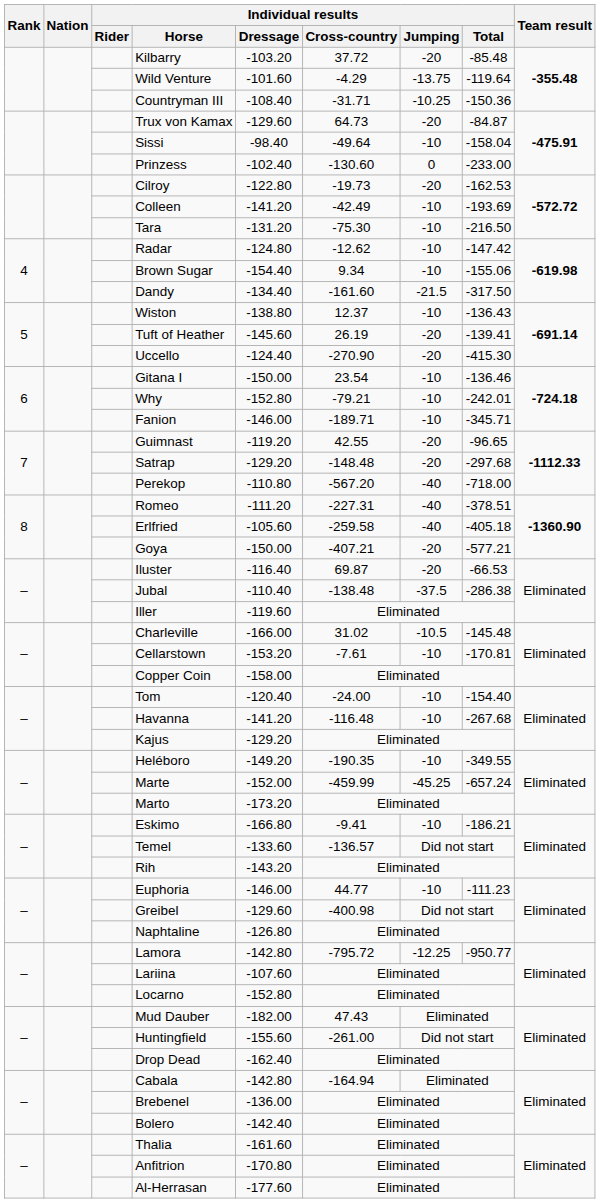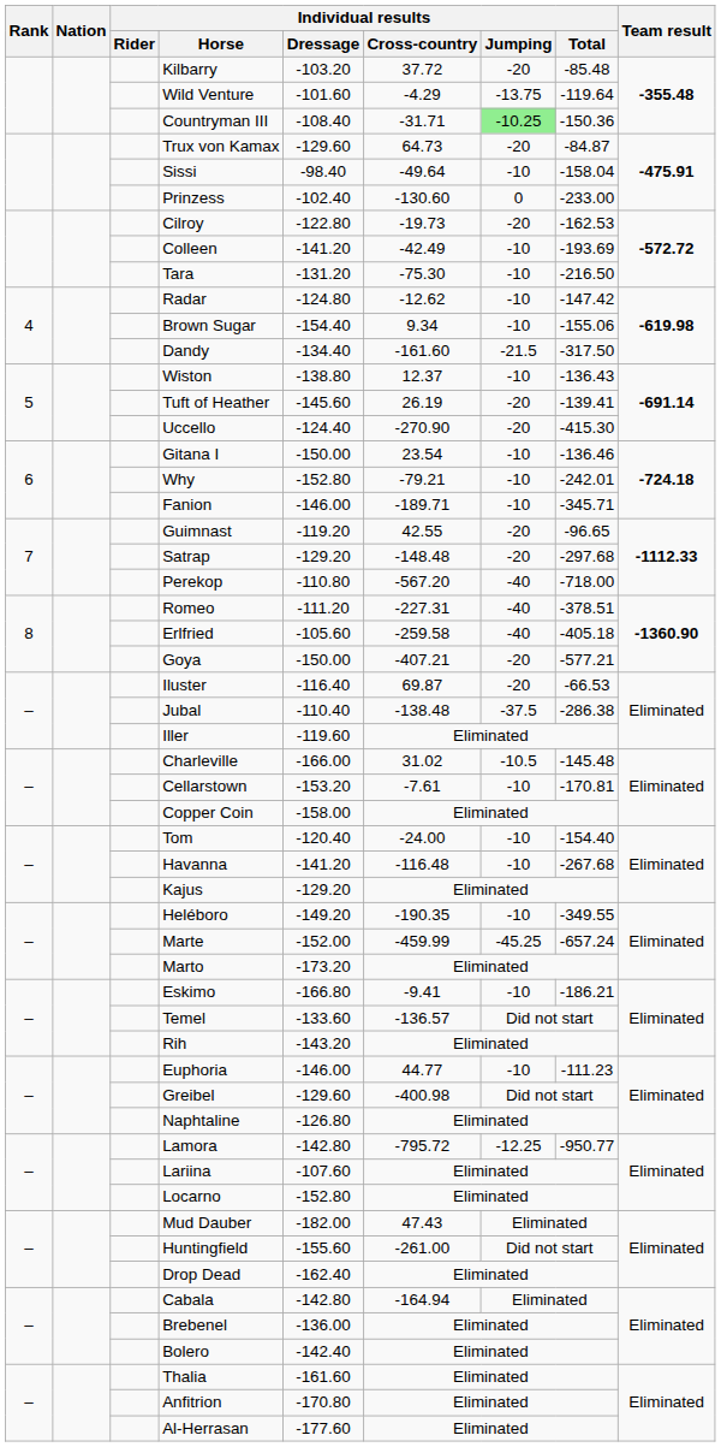 <table class="wikitable sortable" style="text-align:center">
 <tr>
 <th rowspan=2>Rank</th>
 <th rowspan=2>Nation</th>
 <th colspan=6>Individual results</th>
 <th rowspan=2>Team result</th>
 </tr>
 <tr>
 <th>Rider</th>
 <th>Horse</th>
 <th>Dressage</th>
 <th>Cross-country</th>
 <th>Jumping</th>
 <th>Total</th>
 </tr>
 <tr>
 <td rowspan=3></td>
 <td rowspan=3 align=left></td>
 <td align=left></td>
 <td align=left>Kilbarry</td>
 <td>-103.20</td>
 <td>37.72</td>
 <td>-20</td>
 <td>-85.48</td>
 <td rowspan=3><strong>-355.48</strong></td>
 </tr>
 <tr>
 <td align=left></td>
 <td align=left>Wild Venture</td>
 <td>-101.60</td>
 <td>-4.29</td>
 <td>-13.75</td>
 <td>-119.64</td>
 </tr>
 <tr>
 <td align=left></td>
 <td align=left>Countryman III</td>
 <td>-108.40</td>
 <td>-31.71</td>
-<td>-10.25</td>
+<td style="background: lightgreen;">-10.25</td>
 <td>-150.36</td>
 </tr>
 <tr>
 <td rowspan=3></td>
 <td rowspan=3 align=left></td>
 <td align=left></td>
 <td align=left>Trux von Kamax</td>
 <td>-129.60</td>
 <td>64.73</td>
 <td>-20</td>
 <td>-84.87</td>
 <td rowspan=3><strong>-475.91</strong></td>
 </tr>
 <tr>
 <td align=left></td>
 <td align=left>Sissi</td>
 <td>-98.40</td>
 <td>-49.64</td>
 <td>-10</td>
 <td>-158.04</td>
 </tr>
 <tr>
 <td align=left></td>
 <td align=left>Prinzess</td>
 <td>-102.40</td>
 <td>-130.60</td>
 <td>0</td>
 <td>-233.00</td>
 </tr>
 <tr>
 <td rowspan=3></td>
 <td rowspan=3 align=left></td>
 <td align=left></td>
 <td align=left>Cilroy</td>
 <td>-122.80</td>
 <td>-19.73</td>
 <td>-20</td>
 <td>-162.53</td>
 <td rowspan=3><strong>-572.72</strong></td>
 </tr>
 <tr>
 <td align=left></td>
 <td align=left>Colleen</td>
 <td>-141.20</td>
 <td>-42.49</td>
 <td>-10</td>
 <td>-193.69</td>
 </tr>
 <tr>
 <td align=left></td>
 <td align=left>Tara</td>
 <td>-131.20</td>
 <td>-75.30</td>
 <td>-10</td>
 <td>-216.50</td>
 </tr>
 <tr>
 <td rowspan=3>4</td>
 <td rowspan=3 align=left></td>
 <td align=left></td>
 <td align=left>Radar</td>
 <td>-124.80</td>
 <td>-12.62</td>
 <td>-10</td>
 <td>-147.42</td>
 <td rowspan=3><strong>-619.98</strong></td>
 </tr>
 <tr>
 <td align=left></td>
 <td align=left>Brown Sugar</td>
 <td>-154.40</td>
 <td>9.34</td>
 <td>-10</td>
 <td>-155.06</td>
 </tr>
 <tr>
 <td align=left></td>
 <td align=left>Dandy</td>
 <td>-134.40</td>
 <td>-161.60</td>
 <td>-21.5</td>
 <td>-317.50</td>
 </tr>
 <tr>
 <td rowspan=3>5</td>
 <td rowspan=3 align=left></td>
 <td align=left></td>
 <td align=left>Wiston</td>
 <td>-138.80</td>
 <td>12.37</td>
 <td>-10</td>
 <td>-136.43</td>
 <td rowspan=3><strong>-691.14</strong></td>
 </tr>
 <tr>
 <td align=left></td>
 <td align=left>Tuft of Heather</td>
 <td>-145.60</td>
 <td>26.19</td>
 <td>-20</td>
 <td>-139.41</td>
 </tr>
 <tr>
 <td align=left></td>
 <td align=left>Uccello</td>
 <td>-124.40</td>
 <td>-270.90</td>
 <td>-20</td>
 <td>-415.30</td>
 </tr>
 <tr>
 <td rowspan=3>6</td>
 <td rowspan=3 align=left></td>
 <td align=left></td>
 <td align=left>Gitana I</td>
 <td>-150.00</td>
 <td>23.54</td>
 <td>-10</td>
 <td>-136.46</td>
 <td rowspan=3><strong>-724.18</strong></td>
 </tr>
 <tr>
 <td align=left></td>
 <td align=left>Why</td>
 <td>-152.80</td>
 <td>-79.21</td>
 <td>-10</td>
 <td>-242.01</td>
 </tr>
 <tr>
 <td align=left></td>
 <td align=left>Fanion</td>
 <td>-146.00</td>
 <td>-189.71</td>
 <td>-10</td>
 <td>-345.71</td>
 </tr>
 <tr>
 <td rowspan=3>7</td>
 <td rowspan=3 align=left></td>
 <td align=left></td>
 <td align=left>Guimnast</td>
 <td>-119.20</td>
 <td>42.55</td>
 <td>-20</td>
 <td>-96.65</td>
 <td rowspan=3><strong>-1112.33</strong></td>
 </tr>
 <tr>
 <td align=left></td>
 <td align=left>Satrap</td>
 <td>-129.20</td>
 <td>-148.48</td>
 <td>-20</td>
 <td>-297.68</td>
 </tr>
 <tr>
 <td align=left></td>
 <td align=left>Perekop</td>
 <td>-110.80</td>
 <td>-567.20</td>
 <td>-40</td>
 <td>-718.00</td>
 </tr>
 <tr>
 <td rowspan=3>8</td>
 <td rowspan=3 align=left></td>
 <td align=left></td>
 <td align=left>Romeo</td>
 <td>-111.20</td>
 <td>-227.31</td>
 <td>-40</td>
 <td>-378.51</td>
 <td rowspan=3><strong>-1360.90</strong></td>
 </tr>
 <tr>
 <td align=left></td>
 <td align=left>Erlfried</td>
 <td>-105.60</td>
 <td>-259.58</td>
 <td>-40</td>
 <td>-405.18</td>
 </tr>
 <tr>
 <td align=left></td>
 <td align=left>Goya</td>
 <td>-150.00</td>
 <td>-407.21</td>
 <td>-20</td>
 <td>-577.21</td>
 </tr>
 <tr>
 <td rowspan=3>–</td>
 <td rowspan=3 align=left></td>
 <td align=left></td>
 <td align=left>Iluster</td>
 <td>-116.40</td>
 <td>69.87</td>
 <td>-20</td>
 <td>-66.53</td>
 <td rowspan=3>Eliminated</td>
 </tr>
 <tr>
 <td align=left></td>
 <td align=left>Jubal</td>
 <td>-110.40</td>
 <td>-138.48</td>
 <td>-37.5</td>
 <td>-286.38</td>
 </tr>
 <tr>
 <td align=left></td>
 <td align=left>Iller</td>
 <td>-119.60</td>
 <td colspan=3>Eliminated</td>
 </tr>
 <tr>
 <td rowspan=3>–</td>
 <td rowspan=3 align=left></td>
 <td align=left></td>
 <td align=left>Charleville</td>
 <td>-166.00</td>
 <td>31.02</td>
 <td>-10.5</td>
 <td>-145.48</td>
 <td rowspan=3>Eliminated</td>
 </tr>
 <tr>
 <td align=left></td>
 <td align=left>Cellarstown</td>
 <td>-153.20</td>
 <td>-7.61</td>
 <td>-10</td>
 <td>-170.81</td>
 </tr>
 <tr>
 <td align=left></td>
 <td align=left>Copper Coin</td>
 <td>-158.00</td>
 <td colspan=3>Eliminated</td>
 </tr>
 <tr>
 <td rowspan=3>–</td>
 <td rowspan=3 align=left></td>
 <td align=left></td>
 <td align=left>Tom</td>
 <td>-120.40</td>
 <td>-24.00</td>
 <td>-10</td>
 <td>-154.40</td>
 <td rowspan=3>Eliminated</td>
 </tr>
 <tr>
 <td align=left></td>
 <td align=left>Havanna</td>
 <td>-141.20</td>
 <td>-116.48</td>
 <td>-10</td>
 <td>-267.68</td>
 </tr>
 <tr>
 <td align=left></td>
 <td align=left>Kajus</td>
 <td>-129.20</td>
 <td colspan=3>Eliminated</td>
 </tr>
 <tr>
 <td rowspan=3>–</td>
 <td rowspan=3 align=left></td>
 <td align=left></td>
 <td align=left>Heléboro</td>
 <td>-149.20</td>
 <td>-190.35</td>
 <td>-10</td>
 <td>-349.55</td>
 <td rowspan=3>Eliminated</td>
 </tr>
 <tr>
 <td align=left></td>
 <td align=left>Marte</td>
 <td>-152.00</td>
 <td>-459.99</td>
 <td>-45.25</td>
 <td>-657.24</td>
 </tr>
 <tr>
 <td align=left></td>
 <td align=left>Marto</td>
 <td>-173.20</td>
 <td colspan=3>Eliminated</td>
 </tr>
 <tr>
 <td rowspan=3>–</td>
 <td rowspan=3 align=left></td>
 <td align=left></td>
 <td align=left>Eskimo</td>
 <td>-166.80</td>
 <td>-9.41</td>
 <td>-10</td>
 <td>-186.21</td>
 <td rowspan=3>Eliminated</td>
 </tr>
 <tr 465.98)>
 <td align=left></td>
 <td align=left>Temel</td>
 <td>-133.60</td>
 <td>-136.57</td>
 <td colspan=2>Did not start</td>
 </tr>
 <tr>
 <td align=left></td>
 <td align=left>Rih</td>
 <td>-143.20</td>
 <td colspan=3>Eliminated</td>
 </tr>
 <tr>
 <td rowspan=3>–</td>
 <td rowspan=3 align=left></td>
 <td align=left></td>
 <td align=left>Euphoria</td>
 <td>-146.00</td>
 <td>44.77</td>
 <td>-10</td>
 <td>-111.23</td>
 <td rowspan=3>Eliminated</td>
 </tr>
 <tr>
 <td align=left></td>
 <td align=left>Greibel</td>
 <td>-129.60</td>
 <td>-400.98</td>
 <td colspan=2>Did not start</td>
 </tr>
 <tr>
 <td align=left></td>
 <td align=left>Naphtaline</td>
 <td>-126.80</td>
 <td colspan=3>Eliminated</td>
 </tr>
 <tr>
 <td rowspan=3>–</td>
 <td rowspan=3 align=left></td>
 <td align=left></td>
 <td align=left>Lamora</td>
 <td>-142.80</td>
 <td>-795.72</td>
 <td>-12.25</td>
 <td>-950.77</td>
 <td rowspan=3>Eliminated</td>
 </tr>
 <tr>
 <td align=left></td>
 <td align=left>Lariina</td>
 <td>-107.60</td>
 <td colspan=3>Eliminated</td>
 </tr>
 <tr>
 <td align=left></td>
 <td align=left>Locarno</td>
 <td>-152.80</td>
 <td colspan=3>Eliminated</td>
 </tr>
 <tr>
 <td rowspan=3>–</td>
 <td rowspan=3 align=left></td>
 <td align=left></td>
 <td align=left>Mud Dauber</td>
 <td>-182.00</td>
 <td>47.43</td>
 <td colspan=2>Eliminated</td>
 <td rowspan=3>Eliminated</td>
 </tr>
 <tr>
 <td align=left></td>
 <td align=left>Huntingfield</td>
 <td>-155.60</td>
 <td>-261.00</td>
 <td colspan=2>Did not start</td>
 </tr>
 <tr>
 <td align=left></td>
 <td align=left>Drop Dead</td>
 <td>-162.40</td>
 <td colspan=3>Eliminated</td>
 </tr>
 <tr>
 <td rowspan=3>–</td>
 <td rowspan=3 align=left></td>
 <td align=left></td>
 <td align=left>Cabala</td>
 <td>-142.80</td>
 <td>-164.94</td>
 <td colspan=2>Eliminated</td>
 <td rowspan=3>Eliminated</td>
 </tr>
 <tr>
 <td align=left></td>
 <td align=left>Brebenel</td>
 <td>-136.00</td>
 <td colspan=3>Eliminated</td>
 </tr>
 <tr>
 <td align=left></td>
 <td align=left>Bolero</td>
 <td>-142.40</td>
 <td colspan=3>Eliminated</td>
 </tr>
 <tr>
 <td rowspan=3>–</td>
 <td rowspan=3 align=left></td>
 <td align=left></td>
 <td align=left>Thalia</td>
 <td>-161.60</td>
 <td colspan=3>Eliminated</td>
 <td rowspan=3>Eliminated</td>
 </tr>
 <tr>
 <td align=left></td>
 <td align=left>Anfitrion</td>
 <td>-170.80</td>
 <td colspan=3>Eliminated</td>
 </tr>
 <tr>
 <td align=left></td>
 <td align=left>Al-Herrasan</td>
 <td>-177.60</td>
 <td colspan=3>Eliminated</td>
 </tr>
 </table>
